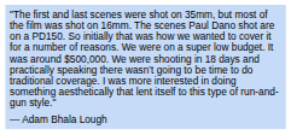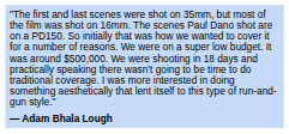 <table class="toccolours" style="float: right; margin-left: 1em; margin-right: 2em; font-size: 85%; background:#c6dbf7; color:black; width:28em; max-width: 40%;" cellspacing="5">
 <tr>
 <td style="text-align: left;">"The first and last scenes were shot on 35mm, but most of the film was shot on 16mm. The scenes Paul Dano shot are on a PD150. So initially that was how we wanted to cover it for a number of reasons. We were on a super low budget. It was around $500,000. We were shooting in 18 days and practically speaking there wasn’t going to be time to do traditional coverage. I was more interested in doing something aesthetically that lent itself to this type of run-and-gun style."</td>
 </tr>
 <tr>
-<td style="text-align: left;">— Adam Bhala Lough</td>
+<td style="text-align: left;"><strong>— Adam Bhala Lough</strong></td>
 </tr>
 </table>
